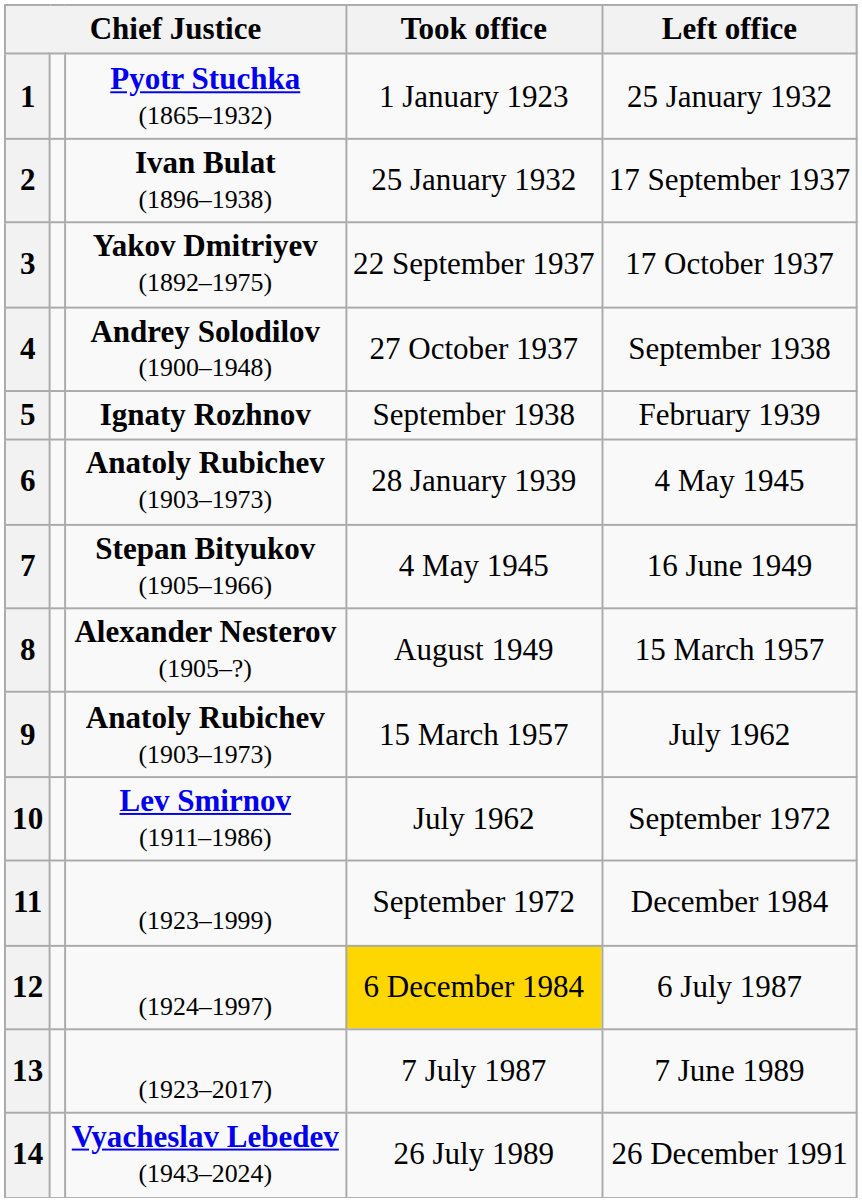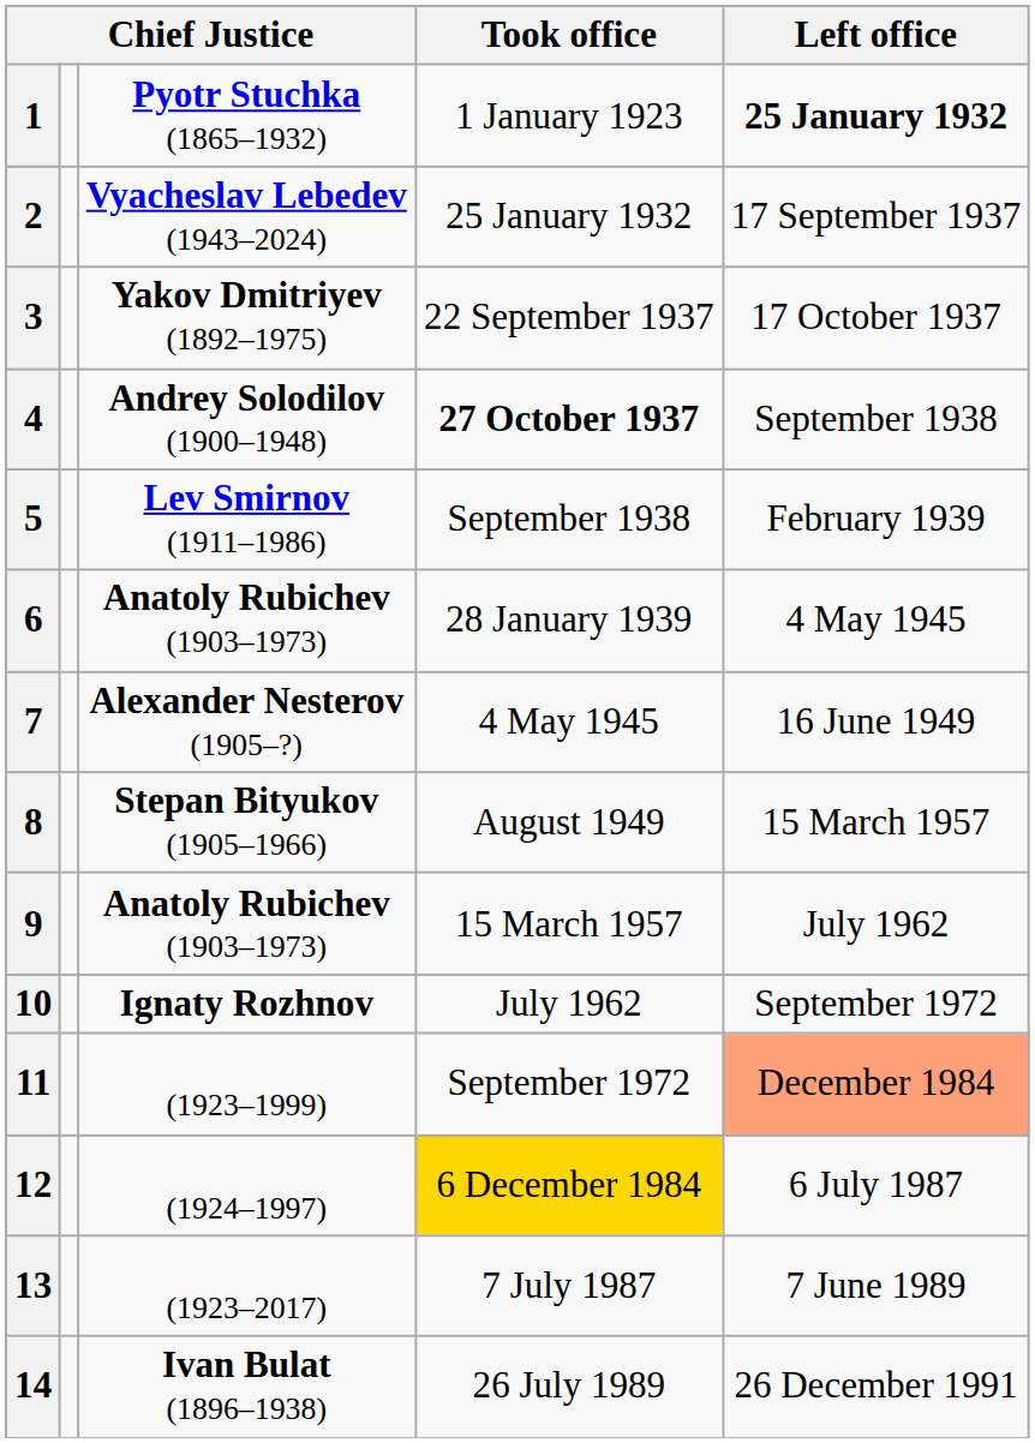 <table class="wikitable" style="text-align: center;">
 <tr>
 <th colspan="3">Chief Justice</th>
 <th>Took office</th>
 <th>Left office</th>
 </tr>
 <tr>
 <th>1</th>
 <td></td>
 <td><strong><a href='#'>Pyotr Stuchka</a></strong><br><small>(1865–1932)</small></td>
 <td>1 January 1923</td>
-<td>25 January 1932</td>
+<td><strong>25 January 1932</strong></td>
 </tr>
 <tr>
 <th>2</th>
 <td></td>
-<td><strong>Ivan Bulat</strong><br><small>(1896–1938)</small></td>
+<td><strong><a href='#'>Vyacheslav Lebedev</a></strong><br><small>(1943–2024)</small></td>
 <td>25 January 1932</td>
 <td>17 September 1937</td>
 </tr>
 <tr>
 <th>3</th>
 <td></td>
 <td><strong>Yakov Dmitriyev</strong><br><small>(1892–1975)</small></td>
 <td>22 September 1937</td>
 <td>17 October 1937</td>
 </tr>
 <tr>
 <th>4</th>
 <td></td>
 <td><strong>Andrey Solodilov</strong><br><small>(1900–1948)</small></td>
-<td>27 October 1937</td>
+<td><strong>27 October 1937</strong></td>
 <td>September 1938</td>
 </tr>
 <tr>
 <th>5</th>
 <td></td>
-<td><strong>Ignaty Rozhnov</strong></td>
+<td><strong><a href='#'>Lev Smirnov</a></strong><br><small>(1911–1986)</small></td>
 <td>September 1938</td>
 <td>February 1939</td>
 </tr>
 <tr>
 <th>6</th>
 <td></td>
 <td><strong>Anatoly Rubichev</strong><br><small>(1903–1973)</small></td>
 <td>28 January 1939</td>
 <td>4 May 1945</td>
 </tr>
 <tr>
 <th>7</th>
 <td></td>
-<td><strong>Stepan Bityukov</strong><br><small>(1905–1966)</small></td>
+<td><strong>Alexander Nesterov</strong><br><small>(1905–?)</small></td>
 <td>4 May 1945</td>
 <td>16 June 1949</td>
 </tr>
 <tr>
 <th>8</th>
 <td></td>
-<td><strong>Alexander Nesterov</strong><br><small>(1905–?)</small></td>
+<td><strong>Stepan Bityukov</strong><br><small>(1905–1966)</small></td>
 <td>August 1949</td>
 <td>15 March 1957</td>
 </tr>
 <tr>
 <th>9</th>
 <td></td>
 <td><strong>Anatoly Rubichev</strong><br><small>(1903–1973)</small></td>
 <td>15 March 1957</td>
 <td>July 1962</td>
 </tr>
 <tr>
 <th>10</th>
 <td></td>
-<td><strong><a href='#'>Lev Smirnov</a></strong><br><small>(1911–1986)</small></td>
+<td><strong>Ignaty Rozhnov</strong></td>
 <td>July 1962</td>
 <td>September 1972</td>
 </tr>
 <tr>
 <th>11</th>
 <td></td>
 <td><strong></strong><br><small>(1923–1999)</small></td>
 <td>September 1972</td>
-<td>December 1984</td>
+<td style="background: lightsalmon;">December 1984</td>
 </tr>
 <tr>
 <th>12</th>
 <td></td>
 <td><strong></strong><br><small>(1924–1997)</small></td>
 <td style="background: gold;">6 December 1984</td>
 <td>6 July 1987</td>
 </tr>
 <tr>
 <th>13</th>
 <td></td>
 <td><strong></strong><br><small>(1923–2017)</small></td>
 <td>7 July 1987</td>
 <td>7 June 1989</td>
 </tr>
 <tr>
 <th>14</th>
 <td></td>
-<td><strong><a href='#'>Vyacheslav Lebedev</a></strong><br><small>(1943–2024)</small></td>
+<td><strong>Ivan Bulat</strong><br><small>(1896–1938)</small></td>
 <td>26 July 1989</td>
 <td>26 December 1991</td>
 </tr>
 </table>
